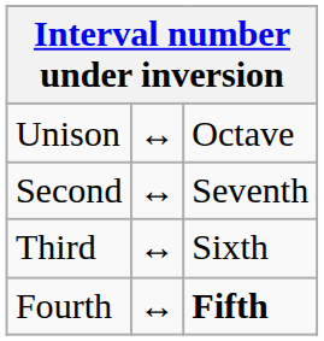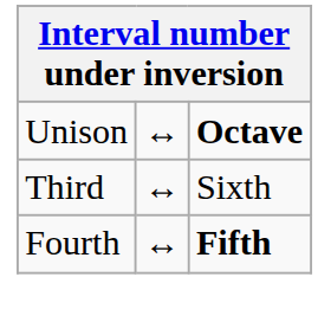 <table class="wikitable" style="display:inline-table;float:right;">
 <tr>
 <th colspan="3"><a href='#'>Interval number</a><br>under inversion</th>
 </tr>
 <tr>
 <td>Unison</td>
 <td>↔</td>
-<td>Octave</td>
-</tr>
-<tr>
-<td>Second</td>
-<td>↔</td>
-<td>Seventh</td>
+<td><strong>Octave</strong></td>
 </tr>
 <tr>
 <td>Third</td>
 <td>↔</td>
 <td>Sixth</td>
 </tr>
 <tr>
 <td>Fourth</td>
 <td>↔</td>
 <td><strong>Fifth</strong></td>
 </tr>
 </table>
